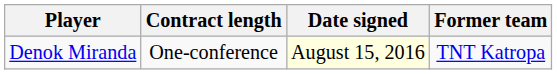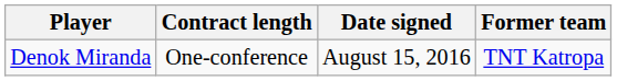 <table class="wikitable sortable sortable" style="text-align: center">
 <tr>
 <th>Player</th>
 <th>Contract length</th>
 <th>Date signed</th>
 <th>Former team</th>
 </tr>
 <tr>
 <td><a href='#'>Denok Miranda</a></td>
 <td rowspan=2>One-conference</td>
-<td style="background: lightyellow;">August 15, 2016</td>
+<td>August 15, 2016</td>
 <td align=center><a href='#'>TNT Katropa</a></td>
 </tr>
 </table>
